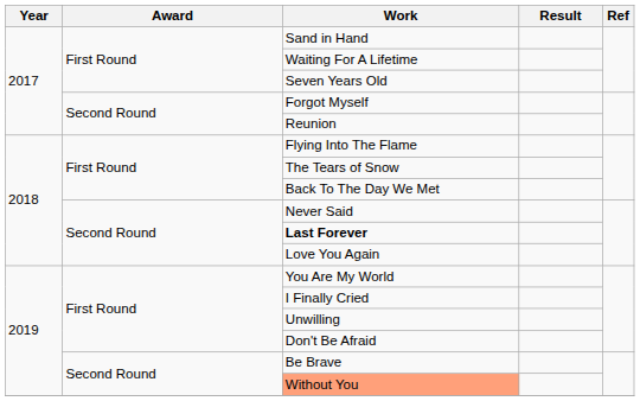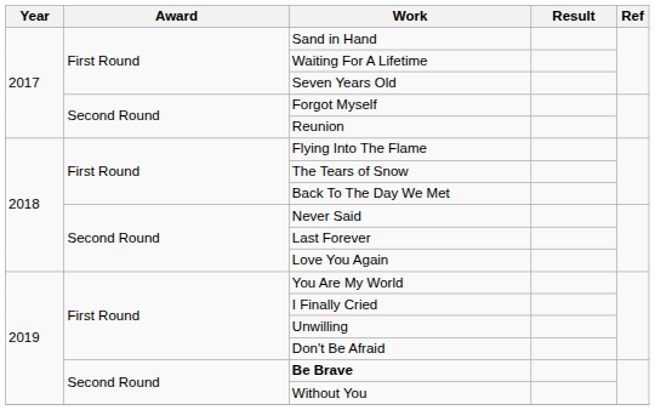 <table class="wikitable">
 <tr>
 <th width=60>Year</th>
 <th style="width:250px;">Award</th>
 <th style="width:270px;">Work</th>
 <th width="90">Result</th>
 <th width="30">Ref</th>
 </tr>
 <tr>
 <td rowspan="5">2017</td>
 <td rowspan="3">First Round</td>
 <td>Sand in Hand</td>
 <td></td>
 <td rowspan="3"></td>
 </tr>
 <tr>
 <td>Waiting For A Lifetime</td>
 <td></td>
 </tr>
 <tr>
 <td>Seven Years Old</td>
 <td></td>
 </tr>
 <tr>
 <td rowspan="2">Second Round</td>
 <td>Forgot Myself</td>
 <td></td>
 <td rowspan="2"></td>
 </tr>
 <tr>
 <td>Reunion</td>
 <td></td>
 </tr>
 <tr>
 <td rowspan="6">2018</td>
 <td rowspan="3">First Round</td>
 <td>Flying Into The Flame</td>
 <td></td>
 <td rowspan="3"></td>
 </tr>
 <tr>
 <td>The Tears of Snow</td>
 <td></td>
 </tr>
 <tr>
 <td>Back To The Day We Met</td>
 <td></td>
 </tr>
 <tr>
 <td rowspan="3">Second Round</td>
 <td>Never Said</td>
 <td></td>
 <td rowspan="3"></td>
 </tr>
 <tr>
-<td><strong>Last Forever</strong></td>
+<td>Last Forever</td>
 <td></td>
 </tr>
 <tr>
 <td>Love You Again</td>
 <td></td>
 </tr>
 <tr>
 <td rowspan="6">2019</td>
 <td rowspan="4">First Round</td>
 <td>You Are My World</td>
 <td></td>
 <td rowspan="4"></td>
 </tr>
 <tr>
 <td>I Finally Cried</td>
 <td></td>
 </tr>
 <tr>
 <td>Unwilling</td>
 <td></td>
 </tr>
 <tr>
 <td>Don't Be Afraid</td>
 <td></td>
 </tr>
 <tr>
 <td rowspan="2">Second Round</td>
-<td>Be Brave</td>
+<td><strong>Be Brave</strong></td>
 <td></td>
 <td rowspan="2"></td>
 </tr>
 <tr>
-<td style="background: lightsalmon;">Without You</td>
+<td>Without You</td>
 <td></td>
 </tr>
 <tr>
 </tr>
 </table>
